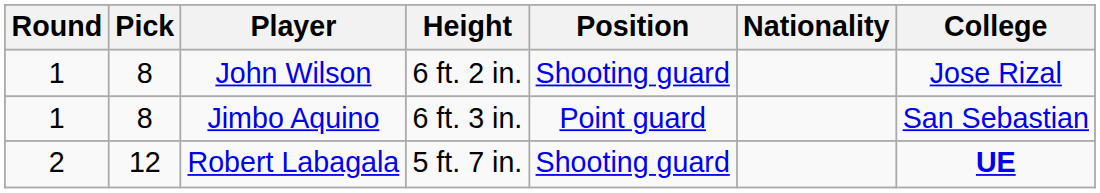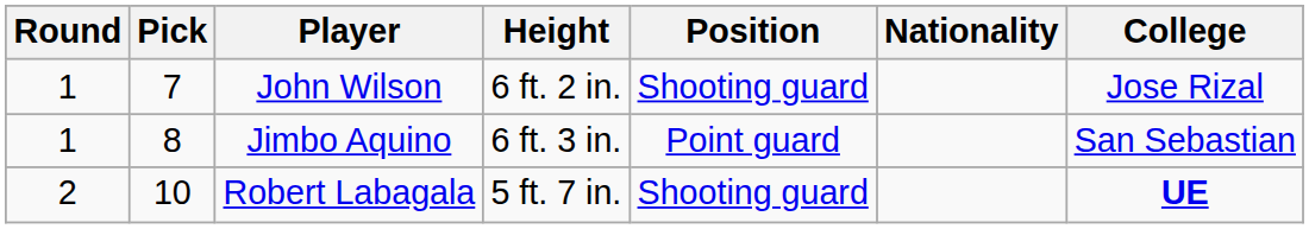 <table class="wikitable sortable sortable">
 <tr>
 <th>Round</th>
 <th>Pick</th>
 <th>Player</th>
 <th>Height</th>
 <th>Position</th>
 <th>Nationality</th>
 <th>College</th>
 </tr>
 <tr style="text-align: center">
 <td>1</td>
-<td>8</td>
+<td>7</td>
 <td><a href='#'>John Wilson</a></td>
 <td>6 ft. 2 in.</td>
 <td><a href='#'>Shooting guard</a></td>
 <td></td>
 <td><a href='#'>Jose Rizal</a></td>
 </tr>
 <tr style="text-align: center">
 <td>1</td>
 <td>8</td>
 <td><a href='#'>Jimbo Aquino</a></td>
 <td>6 ft. 3 in.</td>
 <td><a href='#'>Point guard</a></td>
 <td></td>
 <td><a href='#'>San Sebastian</a></td>
 </tr>
 <tr style="text-align: center">
 <td>2</td>
-<td>12</td>
+<td>10</td>
 <td><a href='#'>Robert Labagala</a></td>
 <td>5 ft. 7 in.</td>
 <td><a href='#'>Shooting guard</a></td>
 <td></td>
 <td><strong><a href='#'>UE</a></strong></td>
 </tr>
 </table>
